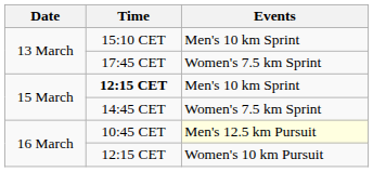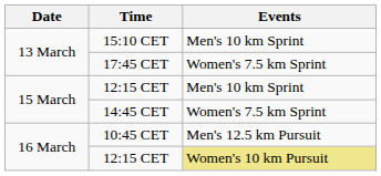 <table class="wikitable" style="text-align: center" width="400">
 <tr>
 <th>Date</th>
 <th>Time</th>
 <th>Events</th>
 </tr>
 <tr>
 <td rowspan=2>13 March</td>
 <td>15:10 CET</td>
 <td style="text-align: left">Men's 10 km Sprint</td>
 </tr>
 <tr>
 <td>17:45 CET</td>
 <td style="text-align: left">Women's 7.5 km Sprint</td>
 </tr>
 <tr>
 <td rowspan=2>15 March</td>
-<td><strong>12:15 CET</strong></td>
+<td>12:15 CET</td>
 <td style="text-align: left">Men's 10 km Sprint</td>
 </tr>
 <tr>
 <td>14:45 CET</td>
 <td style="text-align: left">Women's 7.5 km Sprint</td>
 </tr>
 <tr>
 <td rowspan=2>16 March</td>
 <td>10:45 CET</td>
-<td style="background: lightyellow; text-align: left">Men's 12.5 km Pursuit</td>
+<td style="text-align: left">Men's 12.5 km Pursuit</td>
 </tr>
 <tr>
 <td>12:15 CET</td>
-<td style="text-align: left">Women's 10 km Pursuit</td>
+<td style="background: khaki; text-align: left">Women's 10 km Pursuit</td>
 </tr>
 </table>
